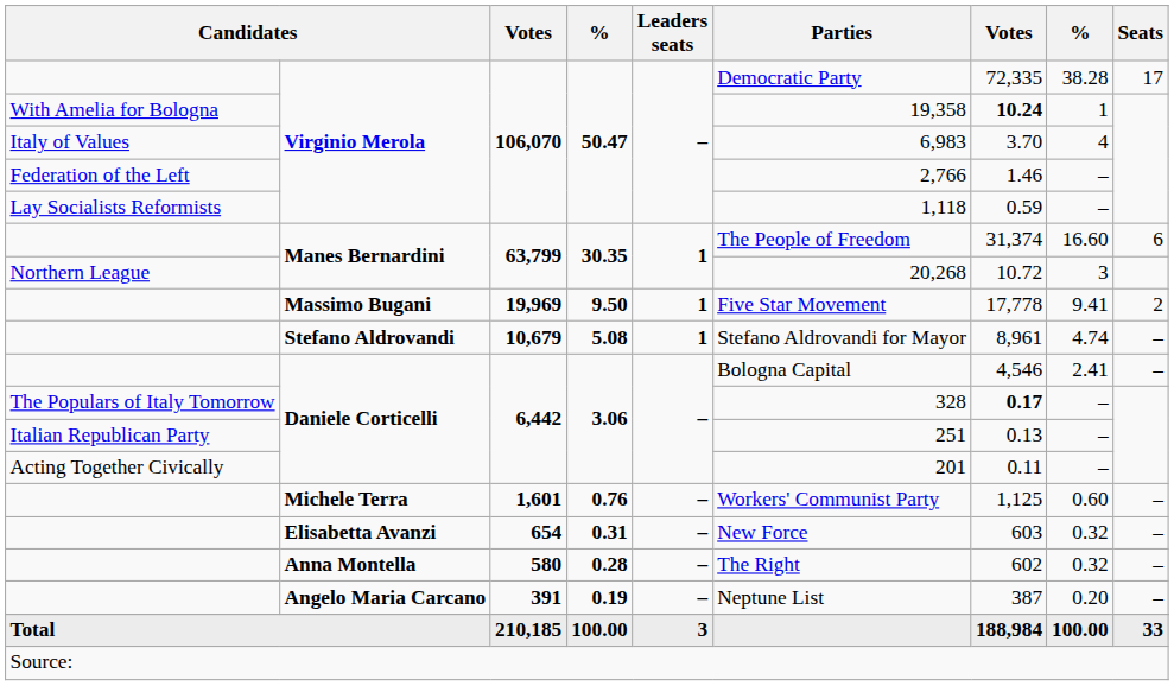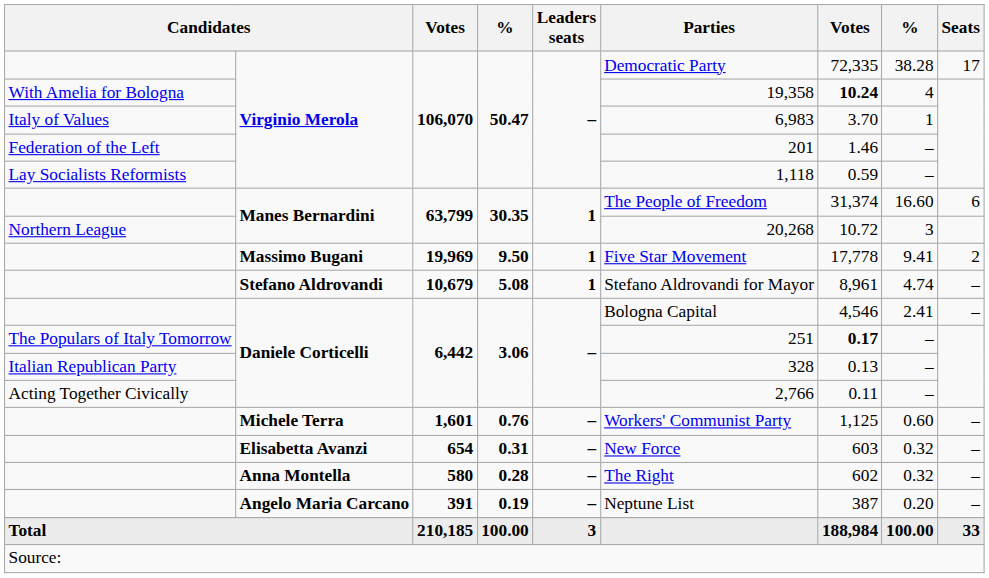 <table class="wikitable" style="text-align:left">
 <tr>
 <th colspan=2>Candidates</th>
 <th>Votes</th>
 <th>%</th>
 <th>Leaders<br> seats</th>
 <th>Parties</th>
 <th>Votes</th>
 <th>%</th>
 <th>Seats</th>
 </tr>
 <tr>
 <td></td>
 <td rowspan=5><strong><a href='#'>Virginio Merola</a></strong></td>
 <td rowspan=5 align=right><strong>106,070</strong></td>
 <td rowspan=5 align=right><strong>50.47</strong></td>
 <td rowspan=5 align=right><strong>–</strong></td>
 <td><a href='#'>Democratic Party</a></td>
 <td align=right>72,335</td>
 <td align=right>38.28</td>
 <td align=right>17</td>
 </tr>
 <tr>
 <td><a href='#'>With Amelia for Bologna</a></td>
 <td align=right>19,358</td>
 <td align=right><strong>10.24</strong></td>
-<td align=right>1</td>
+<td align=right>4</td>
 </tr>
 <tr>
 <td><a href='#'>Italy of Values</a></td>
 <td align=right>6,983</td>
 <td align=right>3.70</td>
-<td align=right>4</td>
+<td align=right>1</td>
 </tr>
 <tr>
 <td><a href='#'>Federation of the Left</a></td>
-<td align=right>2,766</td>
+<td align=right>201</td>
 <td align=right>1.46</td>
 <td align=right>–</td>
 </tr>
 <tr>
 <td><a href='#'>Lay Socialists Reformists</a></td>
 <td align=right>1,118</td>
 <td align=right>0.59</td>
 <td align=right>–</td>
 </tr>
 <tr>
 <td></td>
 <td rowspan=2><strong>Manes Bernardini</strong></td>
 <td rowspan=2 align=right><strong>63,799</strong></td>
 <td rowspan=2 align=right><strong>30.35</strong></td>
 <td rowspan=2 align=right><strong>1</strong></td>
 <td><a href='#'>The People of Freedom</a></td>
 <td align=right>31,374</td>
 <td align=right>16.60</td>
 <td align=right>6</td>
 </tr>
 <tr>
 <td><a href='#'>Northern League</a></td>
 <td align=right>20,268</td>
 <td align=right>10.72</td>
 <td align=right>3</td>
 </tr>
 <tr>
 <td></td>
 <td><strong>Massimo Bugani</strong></td>
 <td align=right><strong>19,969</strong></td>
 <td align=right><strong>9.50</strong></td>
 <td align=right><strong>1</strong></td>
 <td><a href='#'>Five Star Movement</a></td>
 <td align=right>17,778</td>
 <td align=right>9.41</td>
 <td align=right>2</td>
 </tr>
 <tr>
 <td></td>
 <td><strong>Stefano Aldrovandi</strong></td>
 <td align=right><strong>10,679</strong></td>
 <td align=right><strong>5.08</strong></td>
 <td align=right><strong>1</strong></td>
 <td>Stefano Aldrovandi for Mayor</td>
 <td align=right>8,961</td>
 <td align=right>4.74</td>
 <td align=right>–</td>
 </tr>
 <tr>
 <td></td>
 <td rowspan=4><strong>Daniele Corticelli</strong></td>
 <td rowspan=4 align=right><strong>6,442</strong></td>
 <td rowspan=4 align=right><strong>3.06</strong></td>
 <td rowspan=4 align=right><strong>–</strong></td>
 <td>Bologna Capital</td>
 <td align=right>4,546</td>
 <td align=right>2.41</td>
 <td align=right>–</td>
 </tr>
 <tr>
 <td><a href='#'>The Populars of Italy Tomorrow</a></td>
-<td align=right>328</td>
+<td align=right>251</td>
 <td align=right><strong>0.17</strong></td>
 <td align=right>–</td>
 </tr>
 <tr>
 <td><a href='#'>Italian Republican Party</a></td>
-<td align=right>251</td>
+<td align=right>328</td>
 <td align=right>0.13</td>
 <td align=right>–</td>
 </tr>
 <tr>
 <td>Acting Together Civically</td>
-<td align=right>201</td>
+<td align=right>2,766</td>
 <td align=right>0.11</td>
 <td align=right>–</td>
 </tr>
 <tr>
 <td></td>
 <td><strong>Michele Terra</strong></td>
 <td align=right><strong>1,601</strong></td>
 <td align=right><strong>0.76</strong></td>
 <td align=right><strong>–</strong></td>
 <td><a href='#'>Workers' Communist Party</a></td>
 <td align=right>1,125</td>
 <td align=right>0.60</td>
 <td align=right>–</td>
 </tr>
 <tr>
 <td></td>
 <td><strong>Elisabetta Avanzi</strong></td>
 <td align=right><strong>654</strong></td>
 <td align=right><strong>0.31</strong></td>
 <td align=right><strong>–</strong></td>
 <td><a href='#'>New Force</a></td>
 <td align=right>603</td>
 <td align=right>0.32</td>
 <td align=right>–</td>
 </tr>
 <tr>
 <td></td>
 <td><strong>Anna Montella</strong></td>
 <td align=right><strong>580</strong></td>
 <td align=right><strong>0.28</strong></td>
 <td align=right><strong>–</strong></td>
 <td><a href='#'>The Right</a></td>
 <td align=right>602</td>
 <td align=right>0.32</td>
 <td align=right>–</td>
 </tr>
 <tr>
 <td></td>
 <td><strong>Angelo Maria Carcano</strong></td>
 <td align=right><strong>391</strong></td>
 <td align=right><strong>0.19</strong></td>
 <td align=right><strong>–</strong></td>
 <td>Neptune List</td>
 <td align=right>387</td>
 <td align=right>0.20</td>
 <td align=right>–</td>
 </tr>
 <tr>
 </tr>
 <tr bgcolor=ececec>
 <td colspan="2"><strong>Total</strong></td>
 <td align=right><strong>210,185</strong></td>
 <td align=right><strong>100.00</strong></td>
 <td align=right><strong>3</strong></td>
 <td align=right></td>
 <td align=right><strong>188,984</strong></td>
 <td align=right><strong>100.00</strong></td>
 <td align=right><strong>33</strong></td>
 </tr>
 <tr>
 <td style="text-align:left;" colspan="9">Source: </td>
 </tr>
 </table>
